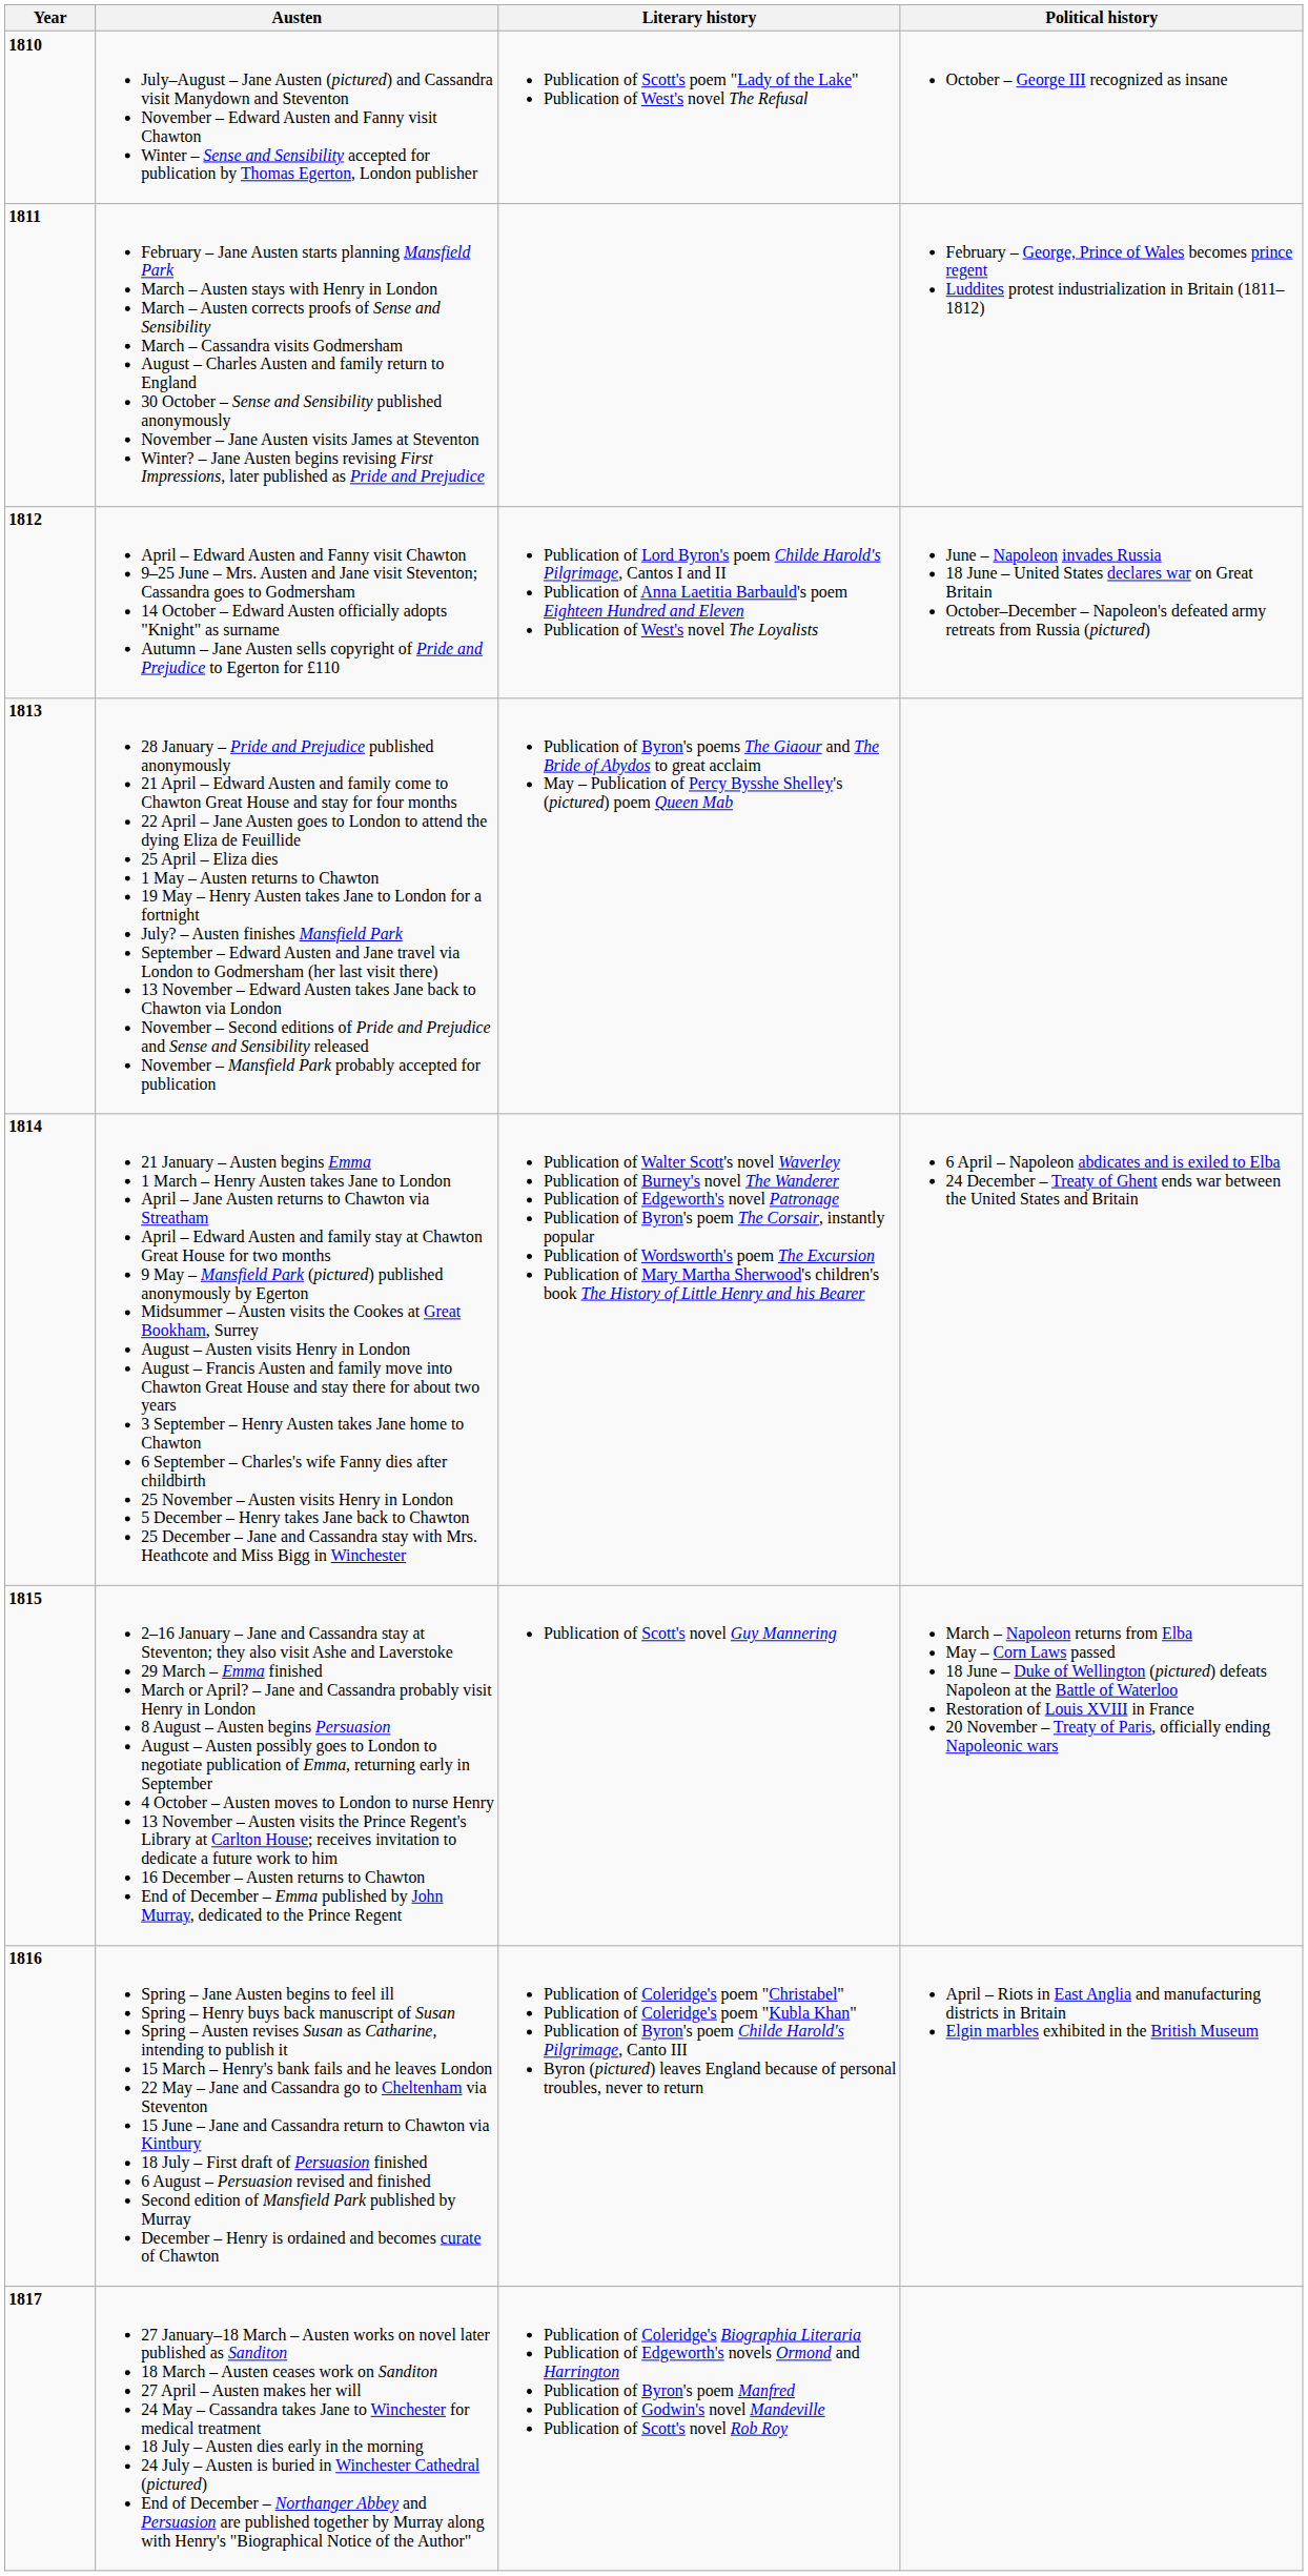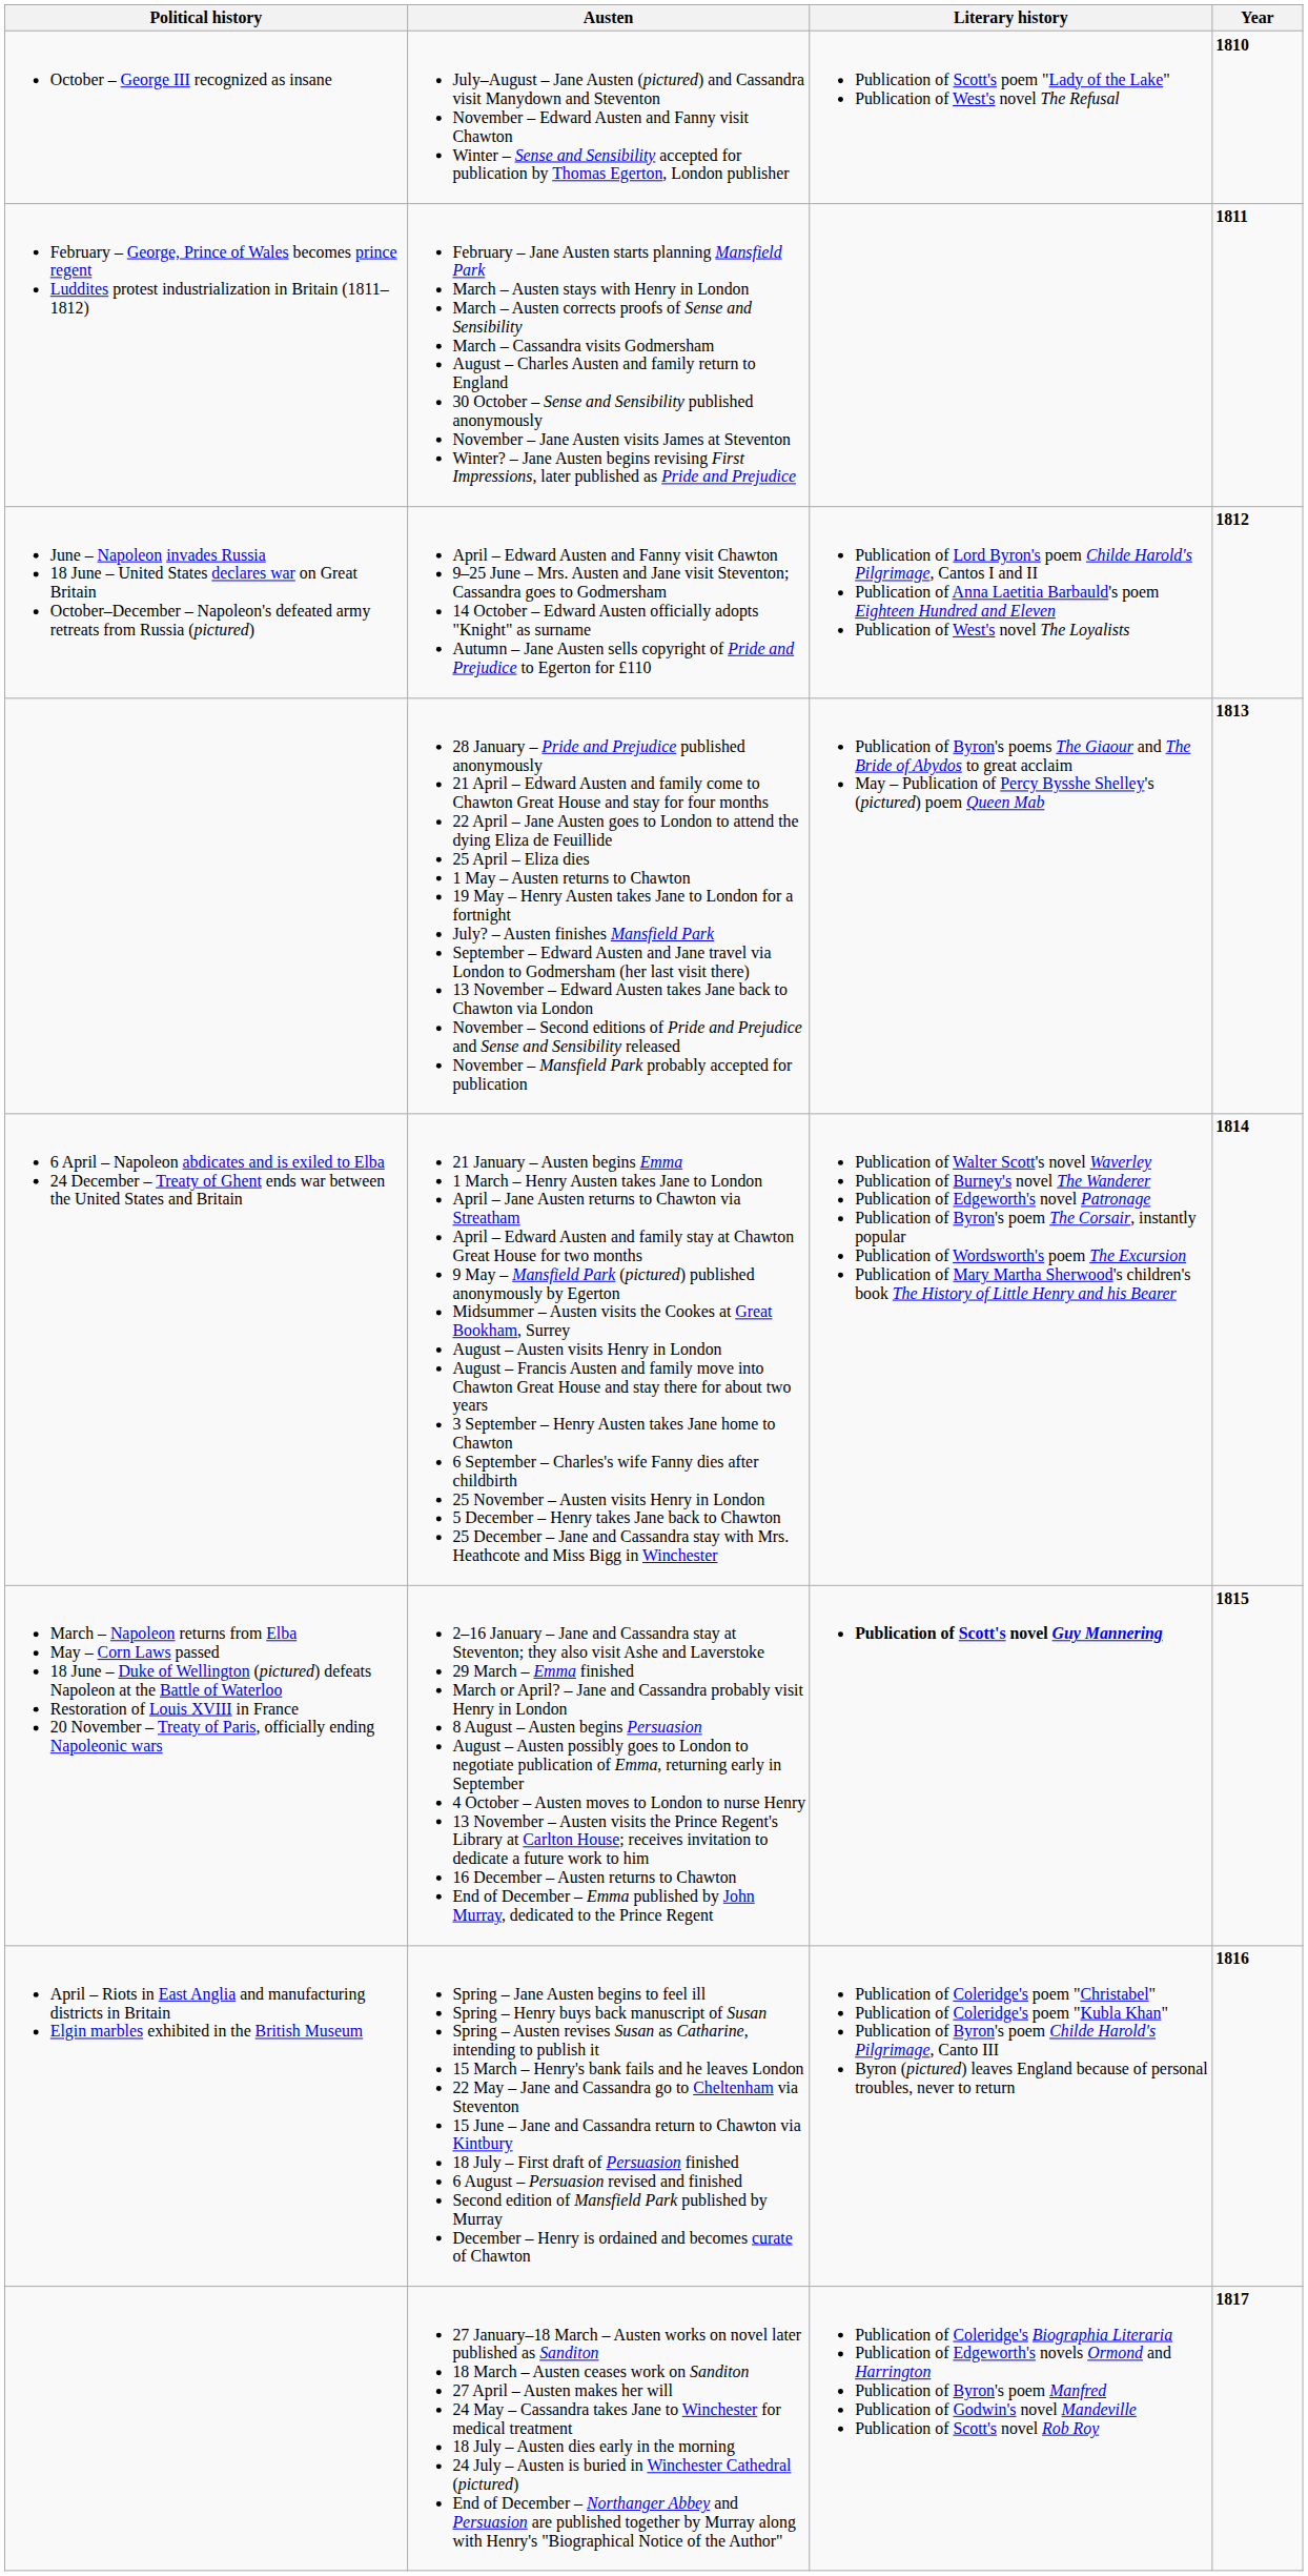 <table class="wikitable">
 <tr valign="top">
-<th scope="col">Year</th>
+<th scope="col" style="width:31%;">Political history</th>
 <th scope="col" style="width:31%;">Austen</th>
 <th scope="col" style="width:31%;">Literary history</th>
-<th scope="col" style="width:31%;">Political history</th>
+<th scope="col">Year</th>
 </tr>
 <tr valign="top">
-<td scope="row"><strong>1810</strong></td>
+<td><br><ul><li>October – <a href='#'>George III</a> recognized as insane</li></ul></td>
 <td><br><ul><li>July–August – Jane Austen (<em>pictured</em>) and Cassandra visit Manydown and Steventon</li><li>November – Edward Austen and Fanny visit Chawton</li><li>Winter – <em><a href='#'>Sense and Sensibility</a></em> accepted for publication by <a href='#'>Thomas Egerton</a>, London publisher</li></ul></td>
 <td><br><ul><li>Publication of <a href='#'>Scott's</a> poem "<a href='#'>Lady of the Lake</a>"</li><li>Publication of <a href='#'>West's</a> novel <em>The Refusal</em></li></ul></td>
-<td><br><ul><li>October – <a href='#'>George III</a> recognized as insane</li></ul></td>
+<td scope="row"><strong>1810</strong></td>
 </tr>
 <tr valign="top">
-<td scope="row"><strong>1811</strong></td>
+<td><br><ul><li>February – <a href='#'>George, Prince of Wales</a> becomes <a href='#'>prince regent</a></li><li><a href='#'>Luddites</a> protest industrialization in Britain (1811–1812)</li></ul></td>
 <td><br><ul><li>February – Jane Austen starts planning <em><a href='#'>Mansfield Park</a></em></li><li>March – Austen stays with Henry in London</li><li>March – Austen corrects proofs of <em>Sense and Sensibility</em></li><li>March – Cassandra visits Godmersham</li><li>August – Charles Austen and family return to England</li><li>30 October – <em>Sense and Sensibility</em> published anonymously</li><li>November – Jane Austen visits James at Steventon</li><li>Winter? – Jane Austen begins revising <em>First Impressions</em>, later published as <em><a href='#'>Pride and Prejudice</a></em></li></ul></td>
 <td></td>
-<td><br><ul><li>February – <a href='#'>George, Prince of Wales</a> becomes <a href='#'>prince regent</a></li><li><a href='#'>Luddites</a> protest industrialization in Britain (1811–1812)</li></ul></td>
+<td scope="row"><strong>1811</strong></td>
 </tr>
 <tr valign="top">
-<td scope="row"><strong>1812</strong></td>
+<td><br><ul><li>June – <a href='#'>Napoleon</a> <a href='#'>invades Russia</a></li><li>18 June – United States <a href='#'>declares war</a> on Great Britain</li><li>October–December – Napoleon's defeated army retreats from Russia (<em>pictured</em>)</li></ul></td>
 <td><br><ul><li>April – Edward Austen and Fanny visit Chawton</li><li>9–25 June – Mrs. Austen and Jane visit Steventon; Cassandra goes to Godmersham</li><li>14 October – Edward Austen officially adopts "Knight" as surname</li><li>Autumn – Jane Austen sells copyright of <em><a href='#'>Pride and Prejudice</a></em> to Egerton for £110</li></ul></td>
 <td><br><ul><li>Publication of <a href='#'>Lord Byron's</a> poem <em><a href='#'>Childe Harold's Pilgrimage</a></em>, Cantos I and II</li><li>Publication of <a href='#'>Anna Laetitia Barbauld</a>'s poem <em><a href='#'>Eighteen Hundred and Eleven</a></em></li><li>Publication of <a href='#'>West's</a> novel <em>The Loyalists</em></li></ul></td>
-<td><br><ul><li>June – <a href='#'>Napoleon</a> <a href='#'>invades Russia</a></li><li>18 June – United States <a href='#'>declares war</a> on Great Britain</li><li>October–December – Napoleon's defeated army retreats from Russia (<em>pictured</em>)</li></ul></td>
+<td scope="row"><strong>1812</strong></td>
 </tr>
 <tr valign="top">
-<td scope="row"><strong>1813</strong></td>
+<td></td>
 <td><br><ul><li>28 January – <em><a href='#'>Pride and Prejudice</a></em> published anonymously</li><li>21 April – Edward Austen and family come to Chawton Great House and stay for four months</li><li>22 April – Jane Austen goes to London to attend the dying Eliza de Feuillide</li><li>25 April – Eliza dies</li><li>1 May – Austen returns to Chawton</li><li>19 May – Henry Austen takes Jane to London for a fortnight</li><li>July? – Austen finishes <em><a href='#'>Mansfield Park</a></em></li><li>September – Edward Austen and Jane travel via London to Godmersham (her last visit there)</li><li>13 November – Edward Austen takes Jane back to Chawton via London</li><li>November – Second editions of <em>Pride and Prejudice</em> and <em>Sense and Sensibility</em> released</li><li>November – <em>Mansfield Park</em> probably accepted for publication</li></ul></td>
 <td><br><ul><li>Publication of <a href='#'>Byron</a>'s poems <em><a href='#'>The Giaour</a></em> and <em><a href='#'>The Bride of Abydos</a></em> to great acclaim</li><li>May – Publication of <a href='#'>Percy Bysshe Shelley</a>'s (<em>pictured</em>) poem <em><a href='#'>Queen Mab</a></em></li></ul></td>
-<td></td>
+<td scope="row"><strong>1813</strong></td>
 </tr>
 <tr valign="top">
-<td scope="row"><strong>1814</strong></td>
+<td><br><ul><li>6 April – Napoleon <a href='#'>abdicates and is exiled to Elba</a></li><li>24 December – <a href='#'>Treaty of Ghent</a> ends war between the United States and Britain</li></ul></td>
 <td><br><ul><li>21 January – Austen begins <em><a href='#'>Emma</a></em></li><li>1 March – Henry Austen takes Jane to London</li><li>April – Jane Austen returns to Chawton via <a href='#'>Streatham</a></li><li>April – Edward Austen and family stay at Chawton Great House for two months</li><li>9 May – <em><a href='#'>Mansfield Park</a></em> (<em>pictured</em>) published anonymously by Egerton</li><li>Midsummer – Austen visits the Cookes at <a href='#'>Great Bookham</a>, Surrey</li><li>August – Austen visits Henry in London</li><li>August – Francis Austen and family move into Chawton Great House and stay there for about two years</li><li>3 September – Henry Austen takes Jane home to Chawton</li><li>6 September – Charles's wife Fanny dies after childbirth</li><li>25 November – Austen visits Henry in London</li><li>5 December – Henry takes Jane back to Chawton</li><li>25 December – Jane and Cassandra stay with Mrs. Heathcote and Miss Bigg in <a href='#'>Winchester</a></li></ul></td>
 <td><br><ul><li>Publication of <a href='#'>Walter Scott</a>'s novel <em><a href='#'>Waverley</a></em></li><li>Publication of <a href='#'>Burney's</a> novel <em><a href='#'>The Wanderer</a></em></li><li>Publication of <a href='#'>Edgeworth's</a> novel <em><a href='#'>Patronage</a></em></li><li>Publication of <a href='#'>Byron</a>'s poem <em><a href='#'>The Corsair</a></em>, instantly popular</li><li>Publication of <a href='#'>Wordsworth's</a> poem <em><a href='#'>The Excursion</a></em></li><li>Publication of <a href='#'>Mary Martha Sherwood</a>'s children's book <em><a href='#'>The History of Little Henry and his Bearer</a></em></li></ul></td>
-<td><br><ul><li>6 April – Napoleon <a href='#'>abdicates and is exiled to Elba</a></li><li>24 December – <a href='#'>Treaty of Ghent</a> ends war between the United States and Britain</li></ul></td>
+<td scope="row"><strong>1814</strong></td>
 </tr>
 <tr valign="top">
+<td><br><ul><li>March – <a href='#'>Napoleon</a> returns from <a href='#'>Elba</a></li><li>May – <a href='#'>Corn Laws</a> passed</li><li>18 June – <a href='#'>Duke of Wellington</a> (<em>pictured</em>) defeats Napoleon at the <a href='#'>Battle of Waterloo</a></li><li>Restoration of <a href='#'>Louis XVIII</a> in France</li><li>20 November – <a href='#'>Treaty of Paris</a>, officially ending <a href='#'>Napoleonic wars</a></li></ul></td>
+<td><br><ul><li>2–16 January – Jane and Cassandra stay at Steventon; they also visit Ashe and Laverstoke</li><li>29 March – <em><a href='#'>Emma</a></em> finished</li><li>March or April? – Jane and Cassandra probably visit Henry in London</li><li>8 August – Austen begins <em><a href='#'>Persuasion</a></em></li><li>August – Austen possibly goes to London to negotiate publication of <em>Emma</em>, returning early in September</li><li>4 October – Austen moves to London to nurse Henry</li><li>13 November – Austen visits the Prince Regent's Library at <a href='#'>Carlton House</a>; receives invitation to dedicate a future work to him</li><li>16 December – Austen returns to Chawton</li><li>End of December – <em>Emma</em> published by <a href='#'>John Murray</a>, dedicated to the Prince Regent</li></ul></td>
+<td><strong><br><ul><li>Publication of <a href='#'>Scott's</a> novel <em><a href='#'>Guy Mannering</a></em></li></ul></strong></td>
 <td scope="row"><strong>1815</strong></td>
-<td><br><ul><li>2–16 January – Jane and Cassandra stay at Steventon; they also visit Ashe and Laverstoke</li><li>29 March – <em><a href='#'>Emma</a></em> finished</li><li>March or April? – Jane and Cassandra probably visit Henry in London</li><li>8 August – Austen begins <em><a href='#'>Persuasion</a></em></li><li>August – Austen possibly goes to London to negotiate publication of <em>Emma</em>, returning early in September</li><li>4 October – Austen moves to London to nurse Henry</li><li>13 November – Austen visits the Prince Regent's Library at <a href='#'>Carlton House</a>; receives invitation to dedicate a future work to him</li><li>16 December – Austen returns to Chawton</li><li>End of December – <em>Emma</em> published by <a href='#'>John Murray</a>, dedicated to the Prince Regent</li></ul></td>
-<td><br><ul><li>Publication of <a href='#'>Scott's</a> novel <em><a href='#'>Guy Mannering</a></em></li></ul></td>
-<td><br><ul><li>March – <a href='#'>Napoleon</a> returns from <a href='#'>Elba</a></li><li>May – <a href='#'>Corn Laws</a> passed</li><li>18 June – <a href='#'>Duke of Wellington</a> (<em>pictured</em>) defeats Napoleon at the <a href='#'>Battle of Waterloo</a></li><li>Restoration of <a href='#'>Louis XVIII</a> in France</li><li>20 November – <a href='#'>Treaty of Paris</a>, officially ending <a href='#'>Napoleonic wars</a></li></ul></td>
 </tr>
 <tr valign="top">
-<td scope="row"><strong>1816</strong></td>
+<td><br><ul><li>April – Riots in <a href='#'>East Anglia</a> and manufacturing districts in Britain</li><li><a href='#'>Elgin marbles</a> exhibited in the <a href='#'>British Museum</a></li></ul></td>
 <td><br><ul><li>Spring – Jane Austen begins to feel ill</li><li>Spring – Henry buys back manuscript of <em>Susan</em></li><li>Spring – Austen revises <em>Susan</em> as <em>Catharine</em>, intending to publish it</li><li>15 March – Henry's bank fails and he leaves London</li><li>22 May – Jane and Cassandra go to <a href='#'>Cheltenham</a> via Steventon</li><li>15 June – Jane and Cassandra return to Chawton via <a href='#'>Kintbury</a></li><li>18 July – First draft of <em><a href='#'>Persuasion</a></em> finished</li><li>6 August – <em>Persuasion</em> revised and finished</li><li>Second edition of <em>Mansfield Park</em> published by Murray</li><li>December – Henry is ordained and becomes <a href='#'>curate</a> of Chawton</li></ul></td>
 <td><br><ul><li>Publication of <a href='#'>Coleridge's</a> poem "<a href='#'>Christabel</a>"</li><li>Publication of <a href='#'>Coleridge's</a> poem "<a href='#'>Kubla Khan</a>"</li><li>Publication of <a href='#'>Byron</a>'s poem <em><a href='#'>Childe Harold's Pilgrimage</a></em>, Canto III</li><li>Byron (<em>pictured</em>) leaves England because of personal troubles, never to return</li></ul></td>
-<td><br><ul><li>April – Riots in <a href='#'>East Anglia</a> and manufacturing districts in Britain</li><li><a href='#'>Elgin marbles</a> exhibited in the <a href='#'>British Museum</a></li></ul></td>
+<td scope="row"><strong>1816</strong></td>
 </tr>
 <tr valign="top">
-<td scope="row"><strong>1817</strong></td>
+<td></td>
 <td><br><ul><li>27 January–18 March – Austen works on novel later published as <em><a href='#'>Sanditon</a></em></li><li>18 March – Austen ceases work on <em>Sanditon</em></li><li>27 April – Austen makes her will</li><li>24 May – Cassandra takes Jane to <a href='#'>Winchester</a> for medical treatment</li><li>18 July – Austen dies early in the morning</li><li>24 July – Austen is buried in <a href='#'>Winchester Cathedral</a> (<em>pictured</em>)</li><li>End of December – <em><a href='#'>Northanger Abbey</a></em> and <em><a href='#'>Persuasion</a></em> are published together by Murray along with Henry's "Biographical Notice of the Author"</li></ul></td>
 <td><br><ul><li>Publication of <a href='#'>Coleridge's</a> <em><a href='#'>Biographia Literaria</a></em></li><li>Publication of <a href='#'>Edgeworth's</a> novels <em><a href='#'>Ormond</a></em> and <em><a href='#'>Harrington</a></em></li><li>Publication of <a href='#'>Byron</a>'s poem <em><a href='#'>Manfred</a></em></li><li>Publication of <a href='#'>Godwin's</a> novel <em><a href='#'>Mandeville</a></em></li><li>Publication of <a href='#'>Scott's</a> novel <em><a href='#'>Rob Roy</a></em></li></ul></td>
-<td></td>
+<td scope="row"><strong>1817</strong></td>
 </tr>
 </table>
